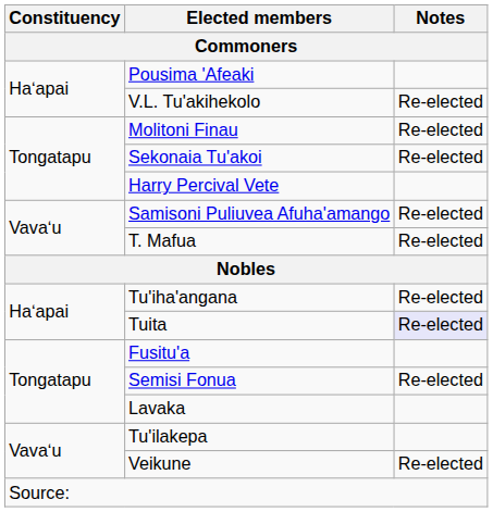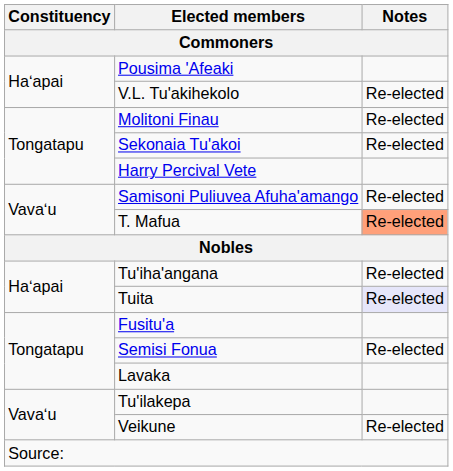 <table class=wikitable>
 <tr>
 <th>Constituency</th>
 <th>Elected members</th>
 <th>Notes</th>
 </tr>
 <tr>
 <th colspan=3>Commoners</th>
 </tr>
 <tr>
 <td rowspan=2>Haʻapai</td>
 <td><a href='#'>Pousima 'Afeaki</a></td>
 <td></td>
 </tr>
 <tr>
 <td>V.L. Tu'akihekolo</td>
 <td>Re-elected</td>
 </tr>
 <tr>
 <td rowspan=3>Tongatapu</td>
 <td><a href='#'>Molitoni Finau</a></td>
 <td>Re-elected</td>
 </tr>
 <tr>
 <td><a href='#'>Sekonaia Tu'akoi</a></td>
 <td>Re-elected</td>
 </tr>
 <tr>
 <td><a href='#'>Harry Percival Vete</a></td>
 <td></td>
 </tr>
 <tr>
 <td rowspan=2>Vavaʻu</td>
 <td><a href='#'>Samisoni Puliuvea Afuha'amango</a></td>
 <td>Re-elected</td>
 </tr>
 <tr>
 <td>T. Mafua</td>
-<td>Re-elected</td>
+<td style="background: lightsalmon;">Re-elected</td>
 </tr>
 <tr>
 <th colspan=3>Nobles</th>
 </tr>
 <tr>
 <td rowspan=2>Haʻapai</td>
 <td>Tu'iha'angana</td>
 <td>Re-elected</td>
 </tr>
 <tr>
 <td>Tuita</td>
 <td style="background: lavender;">Re-elected</td>
 </tr>
 <tr>
 <td rowspan=3>Tongatapu</td>
 <td><a href='#'>Fusitu'a</a></td>
 <td></td>
 </tr>
 <tr>
 <td><a href='#'>Semisi Fonua</a></td>
 <td>Re-elected</td>
 </tr>
 <tr>
 <td>Lavaka</td>
 <td></td>
 </tr>
 <tr>
 <td rowspan=2>Vavaʻu</td>
 <td>Tu'ilakepa</td>
 <td></td>
 </tr>
 <tr>
 <td>Veikune</td>
 <td>Re-elected</td>
 </tr>
 <tr>
 <td colspan=3>Source: </td>
 </tr>
 </table>
